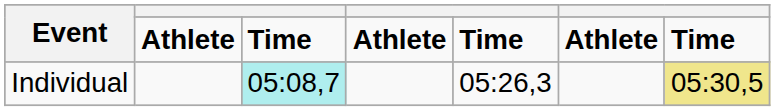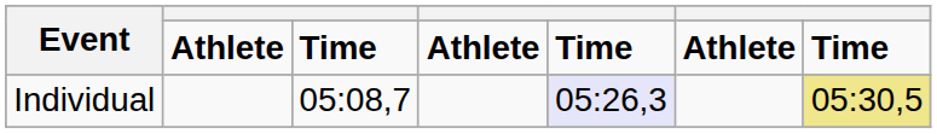 <table class="wikitable">
 <tr>
 <th rowspan="2">Event</th>
 <th colspan="2"></th>
 <th colspan="2"></th>
 <th colspan="2"></th>
 </tr>
 <tr>
 <td><strong>Athlete</strong></td>
 <td><strong>Time</strong></td>
 <td><strong>Athlete</strong></td>
 <td><strong>Time</strong></td>
 <td><strong>Athlete</strong></td>
 <td><strong>Time</strong></td>
 </tr>
 <tr>
 <td>Individual</td>
 <td></td>
-<td style="background: paleturquoise;">05:08,7</td>
+<td>05:08,7</td>
 <td></td>
-<td>05:26,3</td>
+<td style="background: lavender;">05:26,3</td>
 <td></td>
 <td style="background: khaki;">05:30,5</td>
 </tr>
 </table>
